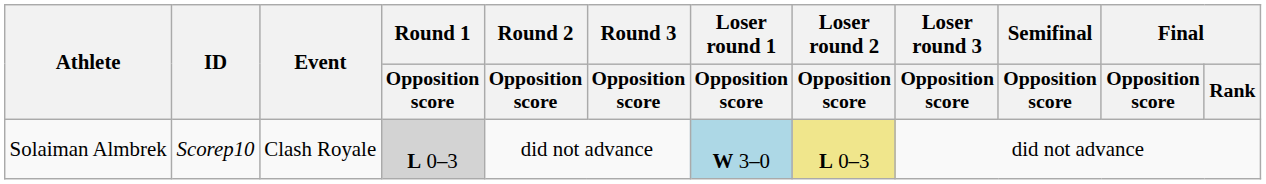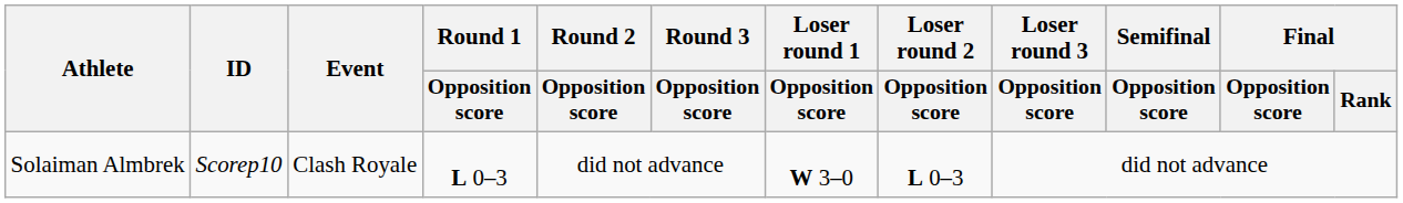 <table class=wikitable style="font-size:90%; text-align:center;">
 <tr>
 <th rowspan="2">Athlete</th>
 <th rowspan="2">ID</th>
 <th rowspan="2">Event</th>
 <th>Round 1</th>
 <th>Round 2</th>
 <th>Round 3</th>
 <th>Loser<br>round 1</th>
 <th>Loser<br>round 2</th>
 <th>Loser<br>round 3</th>
 <th>Semifinal</th>
 <th colspan=2>Final</th>
 </tr>
 <tr style="font-size:95%">
 <th>Opposition<br> score</th>
 <th>Opposition<br> score</th>
 <th>Opposition<br> score</th>
 <th>Opposition<br> score</th>
 <th>Opposition<br> score</th>
 <th>Opposition<br> score</th>
 <th>Opposition<br> score</th>
 <th>Opposition<br> score</th>
 <th>Rank</th>
 </tr>
 <tr>
 <td align=left>Solaiman Almbrek</td>
 <td align=left><em>Scorep10</em></td>
 <td align=left>Clash Royale</td>
-<td style="background: lightgrey;"><br><strong>L</strong> 0–3</td>
+<td><br><strong>L</strong> 0–3</td>
 <td colspan=2>did not advance</td>
-<td style="background: lightblue;"><br><strong>W</strong> 3–0</td>
-<td style="background: khaki;"><br><strong>L</strong> 0–3</td>
+<td><br><strong>W</strong> 3–0</td>
+<td><br><strong>L</strong> 0–3</td>
 <td colspan=4>did not advance</td>
 </tr>
 </table>
